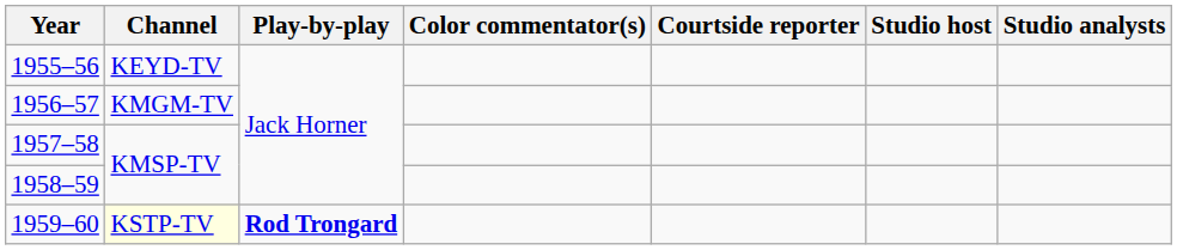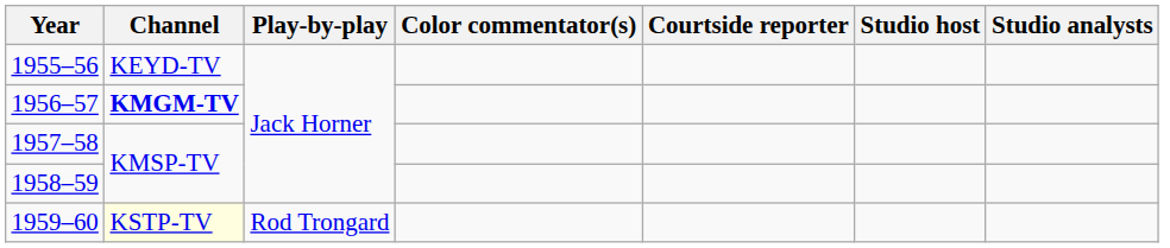 <table class="wikitable">
 <tr>
 <th>Year</th>
 <th>Channel</th>
 <th>Play-by-play</th>
 <th>Color commentator(s)</th>
 <th>Courtside reporter</th>
 <th>Studio host</th>
 <th>Studio analysts</th>
 </tr>
 <tr>
 <td><a href='#'>1955–56</a></td>
 <td><a href='#'>KEYD-TV</a></td>
 <td rowspan="4"><a href='#'>Jack Horner</a></td>
 <td></td>
 <td></td>
 <td></td>
 <td></td>
 </tr>
 <tr>
 <td><a href='#'>1956–57</a></td>
-<td><a href='#'>KMGM-TV</a></td>
+<td><strong><a href='#'>KMGM-TV</a></strong></td>
 <td></td>
 <td></td>
 <td></td>
 <td></td>
 </tr>
 <tr>
 <td><a href='#'>1957–58</a></td>
 <td rowspan="2"><a href='#'>KMSP-TV</a></td>
 <td></td>
 <td></td>
 <td></td>
 <td></td>
 </tr>
 <tr>
 <td><a href='#'>1958–59</a></td>
 <td></td>
 <td></td>
 <td></td>
 <td></td>
 </tr>
 <tr>
 <td><a href='#'>1959–60</a></td>
 <td style="background: lightyellow;"><a href='#'>KSTP-TV</a></td>
-<td><strong><a href='#'>Rod Trongard</a></strong></td>
+<td><a href='#'>Rod Trongard</a></td>
 <td></td>
 <td></td>
 <td></td>
 <td></td>
 </tr>
 </table>
